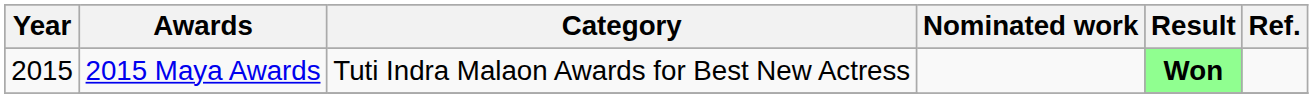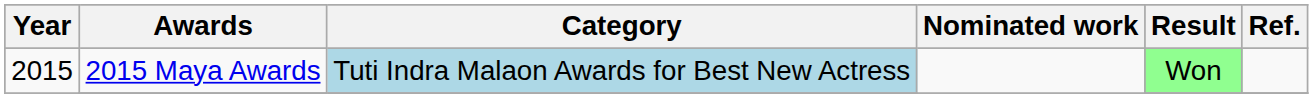 <table class="wikitable" >
 <tr>
 <th>Year</th>
 <th>Awards</th>
 <th>Category</th>
 <th>Nominated work</th>
 <th>Result</th>
 <th>Ref.</th>
 </tr>
 <tr>
 <td align="center" rowspan="4">2015</td>
 <td align="center"><a href='#'>2015 Maya Awards</a></td>
-<td align="left">Tuti Indra Malaon Awards for Best New Actress</td>
+<td align="left" style="background: lightblue;">Tuti Indra Malaon Awards for Best New Actress</td>
 <td align="center" rowspan="11"></td>
-<td style="background: #90ff90; color: black; vertical-align: middle; text-align:center;"><strong>Won</strong></td>
+<td style="background: #90ff90; color: black; vertical-align: middle; text-align:center;">Won</td>
 <td></td>
 </tr>
 <tr>
 </tr>
 </table>
